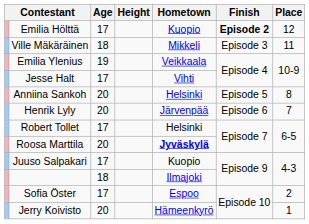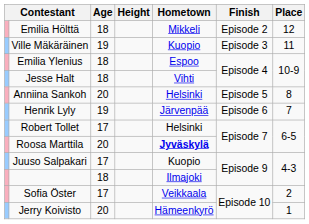 <table class="wikitable sortable" style="text-align:center;">
 <tr>
 <th colspan="2">Contestant</th>
 <th>Age</th>
 <th>Height</th>
 <th>Hometown</th>
 <th>Finish</th>
 <th>Place</th>
 </tr>
 <tr>
 <th style="background:#faafbe"></th>
 <td>Emilia Hölttä</td>
-<td>17</td>
+<td>18</td>
 <td></td>
-<td><a href='#'>Kuopio</a></td>
-<td><strong>Episode 2</strong></td>
+<td><a href='#'>Mikkeli</a></td>
+<td>Episode 2</td>
 <td>12</td>
 </tr>
 <tr>
 <th style="background:#9cf;"></th>
 <td>Ville Mäkäräinen</td>
-<td>18</td>
+<td>19</td>
 <td></td>
-<td><a href='#'>Mikkeli</a></td>
+<td><a href='#'>Kuopio</a></td>
 <td>Episode 3</td>
 <td>11</td>
 </tr>
 <tr>
 <th style="background:#faafbe"></th>
 <td>Emilia Ylenius</td>
-<td>19</td>
+<td>18</td>
 <td></td>
-<td><a href='#'>Veikkaala</a></td>
+<td><a href='#'>Espoo</a></td>
 <td rowspan=2>Episode 4</td>
 <td rowspan=2>10-9</td>
 </tr>
 <tr>
 <th style="background:#9cf;"></th>
 <td>Jesse Halt</td>
-<td>17</td>
+<td>18</td>
 <td></td>
 <td><a href='#'>Vihti</a></td>
 </tr>
 <tr>
 <th style="background:#faafbe"></th>
 <td>Anniina Sankoh</td>
 <td>20</td>
 <td></td>
 <td><a href='#'>Helsinki</a></td>
 <td>Episode 5</td>
 <td>8</td>
 </tr>
 <tr>
 <th style="background:#9cf;"></th>
 <td>Henrik Lyly</td>
-<td>20</td>
+<td>19</td>
 <td></td>
 <td><a href='#'>Järvenpää</a></td>
 <td>Episode 6</td>
 <td>7</td>
 </tr>
 <tr>
 <th style="background:#9cf;"></th>
 <td>Robert Tollet</td>
 <td>17</td>
 <td></td>
 <td>Helsinki</td>
 <td rowspan=2>Episode 7</td>
 <td rowspan=2>6-5</td>
 </tr>
 <tr>
 <th style="background:#faafbe"></th>
 <td>Roosa Marttila</td>
 <td>20</td>
 <td></td>
 <td><strong><a href='#'>Jyväskylä</a></strong></td>
 </tr>
 <tr>
 <th style="background:#9cf;"></th>
 <td>Juuso Salpakari</td>
 <td>17</td>
 <td></td>
 <td>Kuopio</td>
 <td rowspan="2">Episode 9</td>
 <td rowspan="2">4-3</td>
 </tr>
 <tr>
 <th style="background:#faafbe"></th>
 <td></td>
 <td>18</td>
 <td></td>
 <td><a href='#'>Ilmajoki</a></td>
 </tr>
 <tr>
 <th style="background:#faafbe"></th>
 <td>Sofia Öster</td>
 <td>17</td>
 <td></td>
-<td><a href='#'>Espoo</a></td>
+<td><a href='#'>Veikkaala</a></td>
 <td rowspan="2">Episode 10</td>
 <td>2</td>
 </tr>
 <tr>
 <td style="background:#9cf;"></td>
 <td>Jerry Koivisto</td>
 <td>20</td>
 <td></td>
 <td><a href='#'>Hämeenkyrö</a></td>
 <td>1</td>
 </tr>
 </table>
